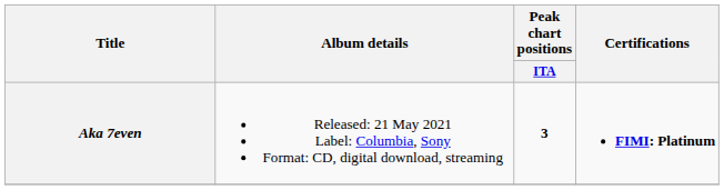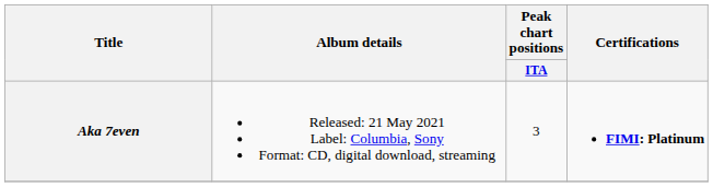 <table class="wikitable plainrowheaders" style="text-align:center;">
 <tr>
 <th scope="col" rowspan="2" style="width:14em;">Title</th>
 <th scope="col" rowspan="2" style="width:20em;">Album details</th>
 <th scope="col" colspan="1">Peak chart positions</th>
 <th scope="col" rowspan="2">Certifications</th>
 </tr>
 <tr>
 <th scope="col" style="width:3em;font-size:90%;"><a href='#'>ITA</a><br></th>
 </tr>
 <tr>
 <th scope="row"><em>Aka 7even</em></th>
 <td><br><ul><li>Released: 21 May 2021</li><li>Label: <a href='#'>Columbia</a>, <a href='#'>Sony</a></li><li>Format: CD, digital download, streaming</li></ul></td>
-<td><strong>3</strong></td>
+<td>3</td>
 <td><strong><br><ul><li><a href='#'>FIMI</a>: Platinum</li></ul></strong></td>
 </tr>
 <tr>
 </tr>
 </table>
